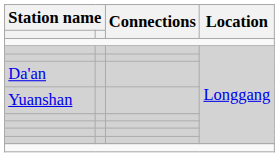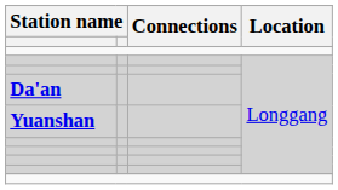 <table class="wikitable">
 <tr>
 <th colspan="2">Station name</th>
 <th rowspan="2">Connections</th>
 <th rowspan="2">Location</th>
 </tr>
 <tr>
 <th></th>
 <th></th>
 </tr>
 <tr style="background:#">
 <td colspan="4"></td>
 </tr>
 <tr bgcolor="lightgrey">
 <td></td>
 <td></td>
 <td></td>
 <td rowspan="8"><a href='#'>Longgang</a></td>
 </tr>
 <tr bgcolor="lightgrey">
 <td></td>
 <td></td>
 <td></td>
 </tr>
 <tr bgcolor="lightgrey">
-<td><a href='#'>Da'an</a></td>
+<td><strong><a href='#'>Da'an</a></strong></td>
 <td></td>
 <td></td>
 </tr>
 <tr bgcolor="lightgrey">
-<td><a href='#'>Yuanshan</a></td>
+<td><strong><a href='#'>Yuanshan</a></strong></td>
 <td></td>
 <td></td>
 </tr>
 <tr bgcolor="lightgrey">
 <td></td>
 <td></td>
 <td></td>
 </tr>
 <tr bgcolor="lightgrey">
 <td></td>
 <td></td>
 <td></td>
 </tr>
 <tr bgcolor="lightgrey">
 <td></td>
 <td></td>
 <td></td>
 </tr>
 <tr bgcolor="lightgrey">
 <td></td>
 <td></td>
 <td></td>
 </tr>
 <tr bgcolor="lightgrey">
 </tr>
 <tr style="background:#">
 <td colspan="4"></td>
 </tr>
 </table>
